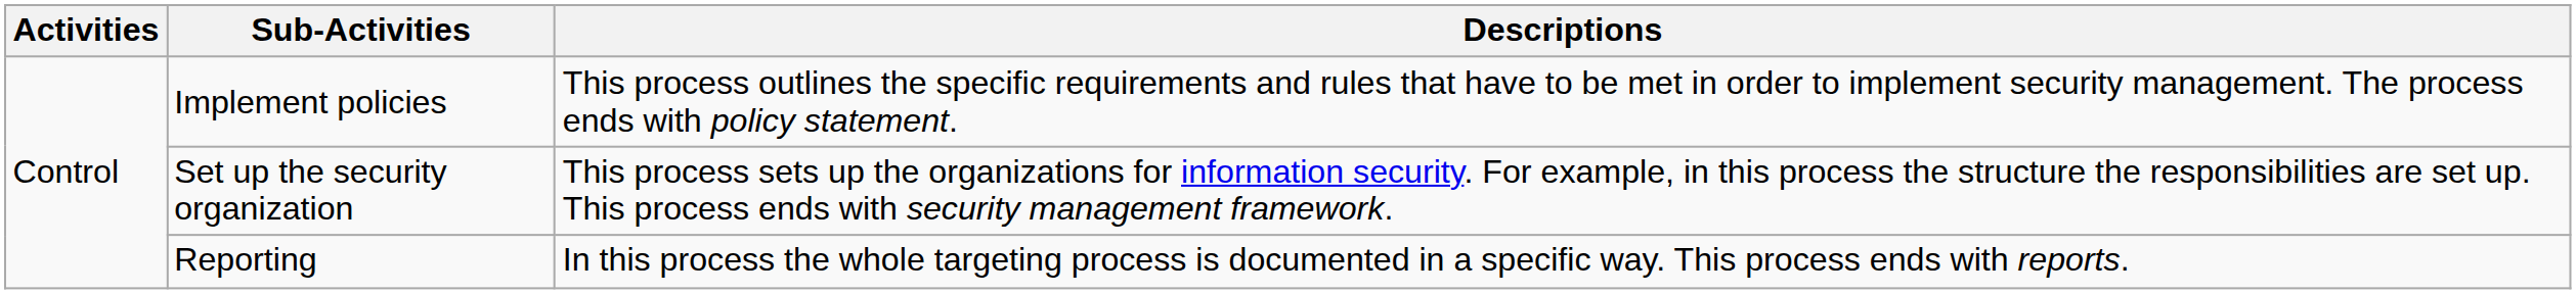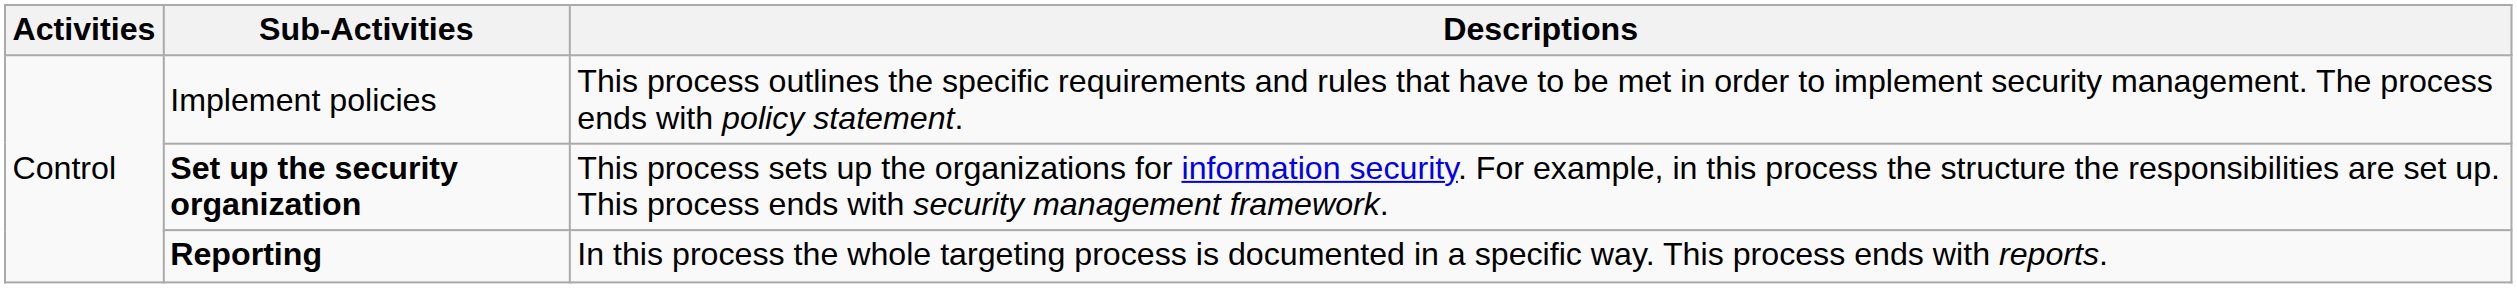 <table class="wikitable">
 <tr>
 <th>Activities</th>
 <th>Sub-Activities</th>
 <th>Descriptions</th>
 </tr>
 <tr>
 <td rowspan=3>Control</td>
 <td>Implement policies</td>
 <td>This process outlines the specific requirements and rules that have to be met in order to implement security management. The process ends with <em>policy statement</em>.</td>
 </tr>
 <tr>
-<td>Set up the security organization</td>
+<td><strong>Set up the security organization</strong></td>
 <td>This process sets up the organizations for <a href='#'>information security</a>. For example, in this process the structure the responsibilities are set up. This process ends with <em>security management framework</em>.</td>
 </tr>
 <tr>
-<td>Reporting</td>
+<td><strong>Reporting</strong></td>
 <td>In this process the whole targeting process is documented in a specific way. This process ends with <em>reports</em>.</td>
 </tr>
 </table>
